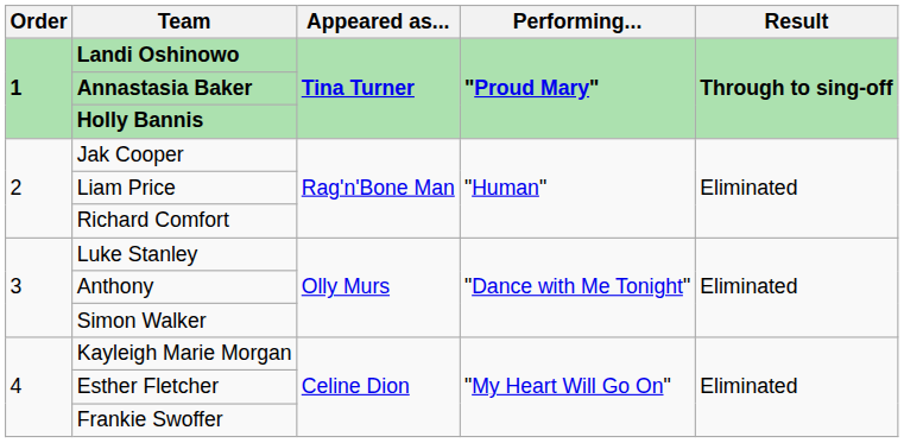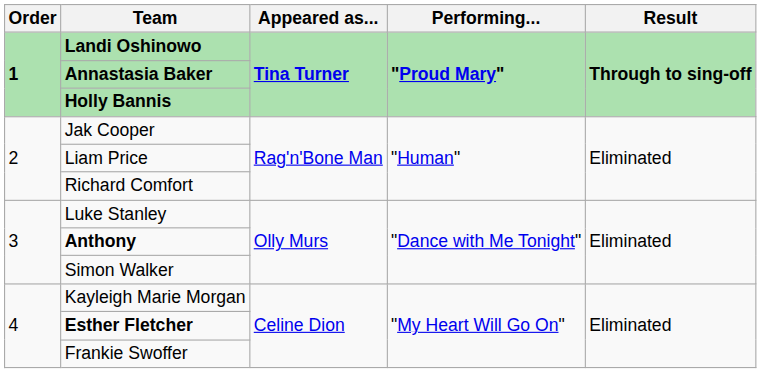 <table class="wikitable">
 <tr>
 <th>Order</th>
 <th>Team</th>
 <th>Appeared as...</th>
 <th>Performing...</th>
 <th>Result</th>
 </tr>
 <tr style="background:#ACE1AF;">
 <td rowspan="3"><strong>1</strong></td>
 <td><strong>Landi Oshinowo</strong></td>
 <td rowspan="3"><strong><a href='#'>Tina Turner</a></strong></td>
 <td rowspan="3"><strong>"<a href='#'>Proud Mary</a>"</strong></td>
 <td rowspan="3"><strong>Through to sing-off</strong></td>
 </tr>
 <tr>
 <td style="background:#ACE1AF;"><strong>Annastasia Baker</strong></td>
 </tr>
 <tr>
 <td style="background:#ACE1AF;"><strong>Holly Bannis</strong></td>
 </tr>
 <tr>
 <td rowspan="3">2</td>
 <td>Jak Cooper</td>
 <td rowspan="3"><a href='#'>Rag'n'Bone Man</a></td>
 <td rowspan="3">"<a href='#'>Human</a>"</td>
 <td rowspan="3">Eliminated</td>
 </tr>
 <tr>
 <td>Liam Price</td>
 </tr>
 <tr>
 <td>Richard Comfort</td>
 </tr>
 <tr>
 <td rowspan="3">3</td>
 <td>Luke Stanley</td>
 <td rowspan="3"><a href='#'>Olly Murs</a></td>
 <td rowspan="3">"<a href='#'>Dance with Me Tonight</a>"</td>
 <td rowspan="3">Eliminated</td>
 </tr>
 <tr>
-<td>Anthony</td>
+<td><strong>Anthony</strong></td>
 </tr>
 <tr>
 <td>Simon Walker</td>
 </tr>
 <tr>
 <td rowspan="3">4</td>
 <td>Kayleigh Marie Morgan</td>
 <td rowspan="3"><a href='#'>Celine Dion</a></td>
 <td rowspan="3">"<a href='#'>My Heart Will Go On</a>"</td>
 <td rowspan="3">Eliminated</td>
 </tr>
 <tr>
-<td>Esther Fletcher</td>
+<td><strong>Esther Fletcher</strong></td>
 </tr>
 <tr>
 <td>Frankie Swoffer</td>
 </tr>
 </table>
